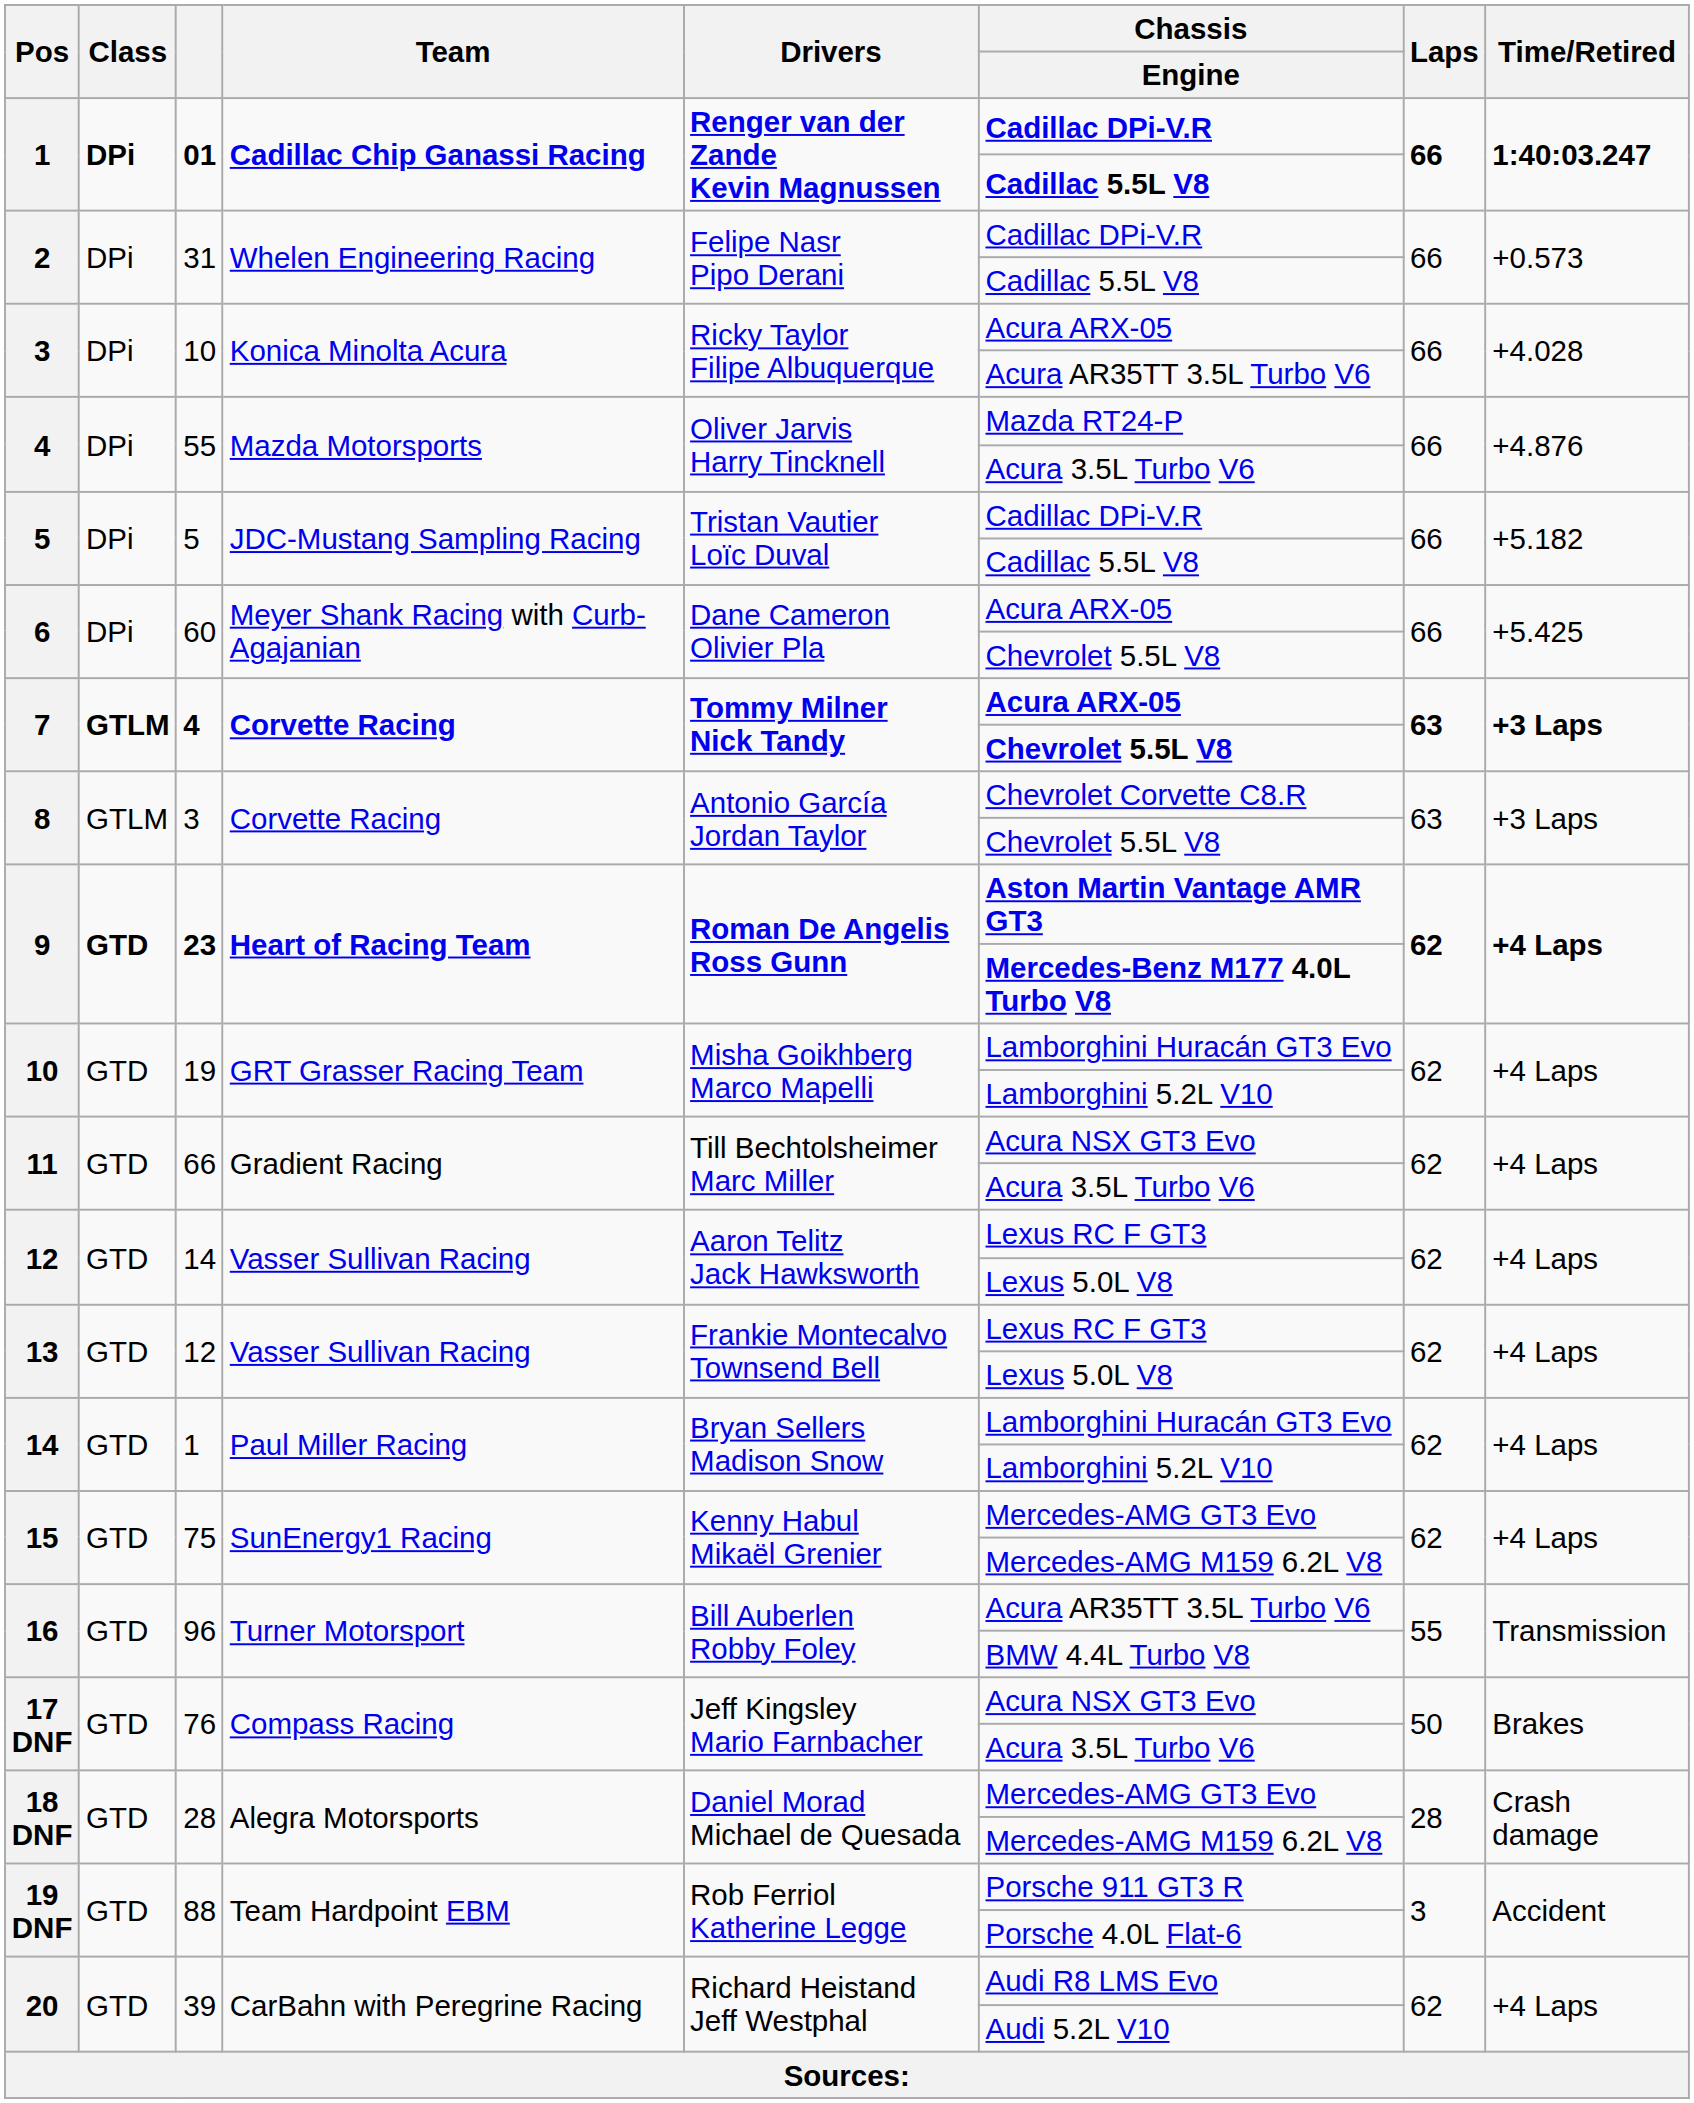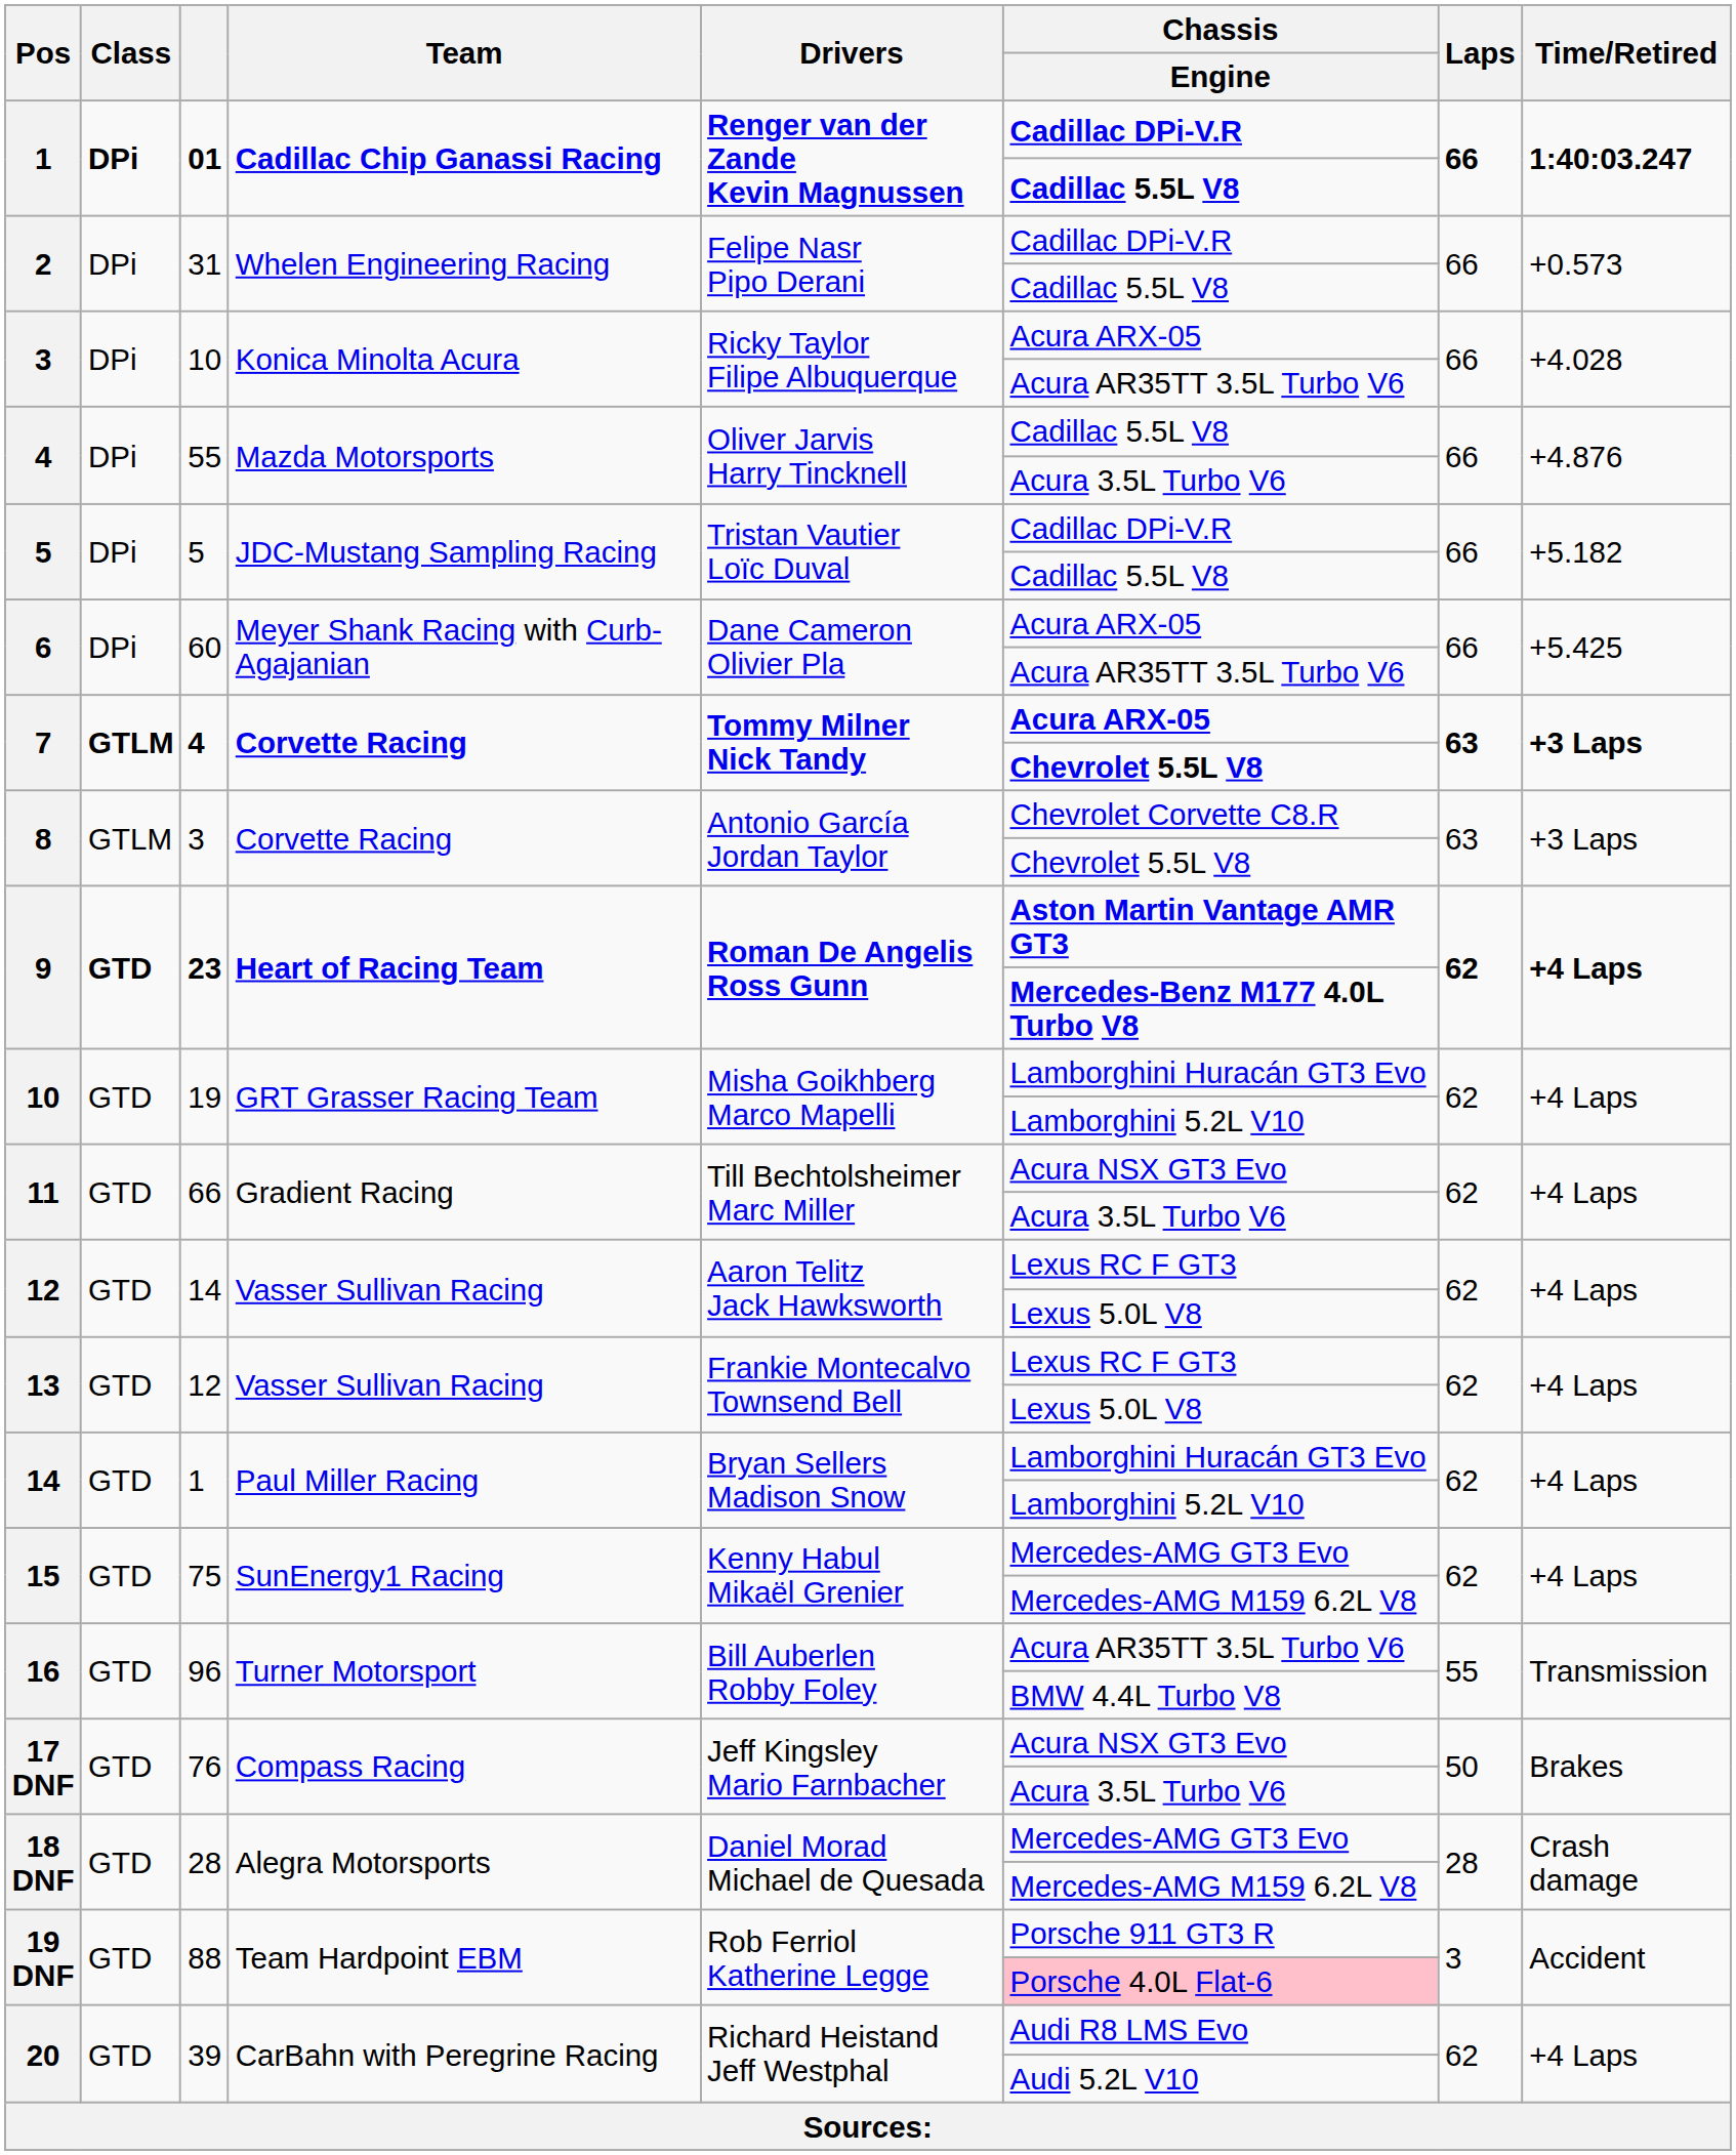 <table class="wikitable" style="font-size: 95%;">
 <tr>
 <th rowspan=2>Pos</th>
 <th rowspan=2>Class</th>
 <th rowspan=2></th>
 <th rowspan=2>Team</th>
 <th rowspan=2>Drivers</th>
 <th>Chassis</th>
 <th rowspan=2>Laps</th>
 <th rowspan=2>Time/Retired</th>
 </tr>
 <tr>
 <th>Engine</th>
 </tr>
 <tr style="font-weight:bold">
 <th rowspan=2>1</th>
 <td rowspan=2>DPi</td>
 <td rowspan=2>01</td>
 <td rowspan=2> <a href='#'>Cadillac Chip Ganassi Racing</a></td>
 <td rowspan=2> <a href='#'>Renger van der Zande</a><br> <a href='#'>Kevin Magnussen</a></td>
 <td><a href='#'>Cadillac DPi-V.R</a></td>
 <td rowspan=2>66</td>
 <td rowspan=2>1:40:03.247</td>
 </tr>
 <tr style="font-weight:bold">
 <td><a href='#'>Cadillac</a> 5.5L <a href='#'>V8</a></td>
 </tr>
 <tr>
 <th rowspan=2>2</th>
 <td rowspan=2>DPi</td>
 <td rowspan=2>31</td>
 <td rowspan=2> <a href='#'>Whelen Engineering Racing</a></td>
 <td rowspan=2> <a href='#'>Felipe Nasr</a><br> <a href='#'>Pipo Derani</a></td>
 <td><a href='#'>Cadillac DPi-V.R</a></td>
 <td rowspan=2>66</td>
 <td rowspan=2>+0.573</td>
 </tr>
 <tr>
 <td><a href='#'>Cadillac</a> 5.5L <a href='#'>V8</a></td>
 </tr>
 <tr>
 <th rowspan=2>3</th>
 <td rowspan=2>DPi</td>
 <td rowspan=2>10</td>
 <td rowspan=2> <a href='#'>Konica Minolta Acura</a></td>
 <td rowspan=2> <a href='#'>Ricky Taylor</a><br> <a href='#'>Filipe Albuquerque</a></td>
 <td><a href='#'>Acura ARX-05</a></td>
 <td rowspan=2>66</td>
 <td rowspan=2>+4.028</td>
 </tr>
 <tr>
 <td><a href='#'>Acura</a> AR35TT 3.5L <a href='#'>Turbo</a> <a href='#'>V6</a></td>
 </tr>
 <tr>
 <th rowspan=2>4</th>
 <td rowspan=2>DPi</td>
 <td rowspan=2>55</td>
 <td rowspan=2> <a href='#'>Mazda Motorsports</a></td>
 <td rowspan=2> <a href='#'>Oliver Jarvis</a><br> <a href='#'>Harry Tincknell</a></td>
-<td><a href='#'>Mazda RT24-P</a></td>
+<td><a href='#'>Cadillac</a> 5.5L <a href='#'>V8</a></td>
 <td rowspan=2>66</td>
 <td rowspan=2>+4.876</td>
 </tr>
 <tr>
 <td><a href='#'>Acura</a> 3.5L <a href='#'>Turbo</a> <a href='#'>V6</a></td>
 </tr>
 <tr>
 <th rowspan=2>5</th>
 <td rowspan=2>DPi</td>
 <td rowspan=2>5</td>
 <td rowspan=2> <a href='#'>JDC-Mustang Sampling Racing</a></td>
 <td rowspan=2> <a href='#'>Tristan Vautier</a><br> <a href='#'>Loïc Duval</a></td>
 <td><a href='#'>Cadillac DPi-V.R</a></td>
 <td rowspan=2>66</td>
 <td rowspan=2>+5.182</td>
 </tr>
 <tr>
 <td><a href='#'>Cadillac</a> 5.5L <a href='#'>V8</a></td>
 </tr>
 <tr>
 <th rowspan=2>6</th>
 <td rowspan=2>DPi</td>
 <td rowspan=2>60</td>
 <td rowspan=2> <a href='#'>Meyer Shank Racing</a> with <a href='#'>Curb-Agajanian</a></td>
 <td rowspan=2> <a href='#'>Dane Cameron</a><br> <a href='#'>Olivier Pla</a></td>
 <td><a href='#'>Acura ARX-05</a></td>
 <td rowspan=2>66</td>
 <td rowspan=2>+5.425</td>
 </tr>
 <tr>
-<td><a href='#'>Chevrolet</a> 5.5L <a href='#'>V8</a></td>
+<td><a href='#'>Acura</a> AR35TT 3.5L <a href='#'>Turbo</a> <a href='#'>V6</a></td>
 </tr>
 <tr style="font-weight:bold">
 <th rowspan=2>7</th>
 <td rowspan=2>GTLM</td>
 <td rowspan=2>4</td>
 <td rowspan=2> <a href='#'>Corvette Racing</a></td>
 <td rowspan=2> <a href='#'>Tommy Milner</a><br> <a href='#'>Nick Tandy</a></td>
 <td><a href='#'>Acura ARX-05</a></td>
 <td rowspan=2>63</td>
 <td rowspan=2>+3 Laps</td>
 </tr>
 <tr style="font-weight:bold">
 <td><a href='#'>Chevrolet</a> 5.5L <a href='#'>V8</a></td>
 </tr>
 <tr>
 <th rowspan=2>8</th>
 <td rowspan=2>GTLM</td>
 <td rowspan=2>3</td>
 <td rowspan=2> <a href='#'>Corvette Racing</a></td>
 <td rowspan=2> <a href='#'>Antonio García</a><br> <a href='#'>Jordan Taylor</a></td>
 <td><a href='#'>Chevrolet Corvette C8.R</a></td>
 <td rowspan=2>63</td>
 <td rowspan=2>+3 Laps</td>
 </tr>
 <tr>
 <td><a href='#'>Chevrolet</a> 5.5L <a href='#'>V8</a></td>
 </tr>
 <tr style="font-weight:bold">
 <th rowspan=2>9</th>
 <td rowspan=2>GTD</td>
 <td rowspan=2>23</td>
 <td rowspan=2> <a href='#'>Heart of Racing Team</a></td>
 <td rowspan=2> <a href='#'>Roman De Angelis</a><br> <a href='#'>Ross Gunn</a></td>
 <td><a href='#'>Aston Martin Vantage AMR GT3</a></td>
 <td rowspan=2>62</td>
 <td rowspan=2>+4 Laps</td>
 </tr>
 <tr style="font-weight:bold">
 <td><a href='#'>Mercedes-Benz M177</a> 4.0L <a href='#'>Turbo</a> <a href='#'>V8</a></td>
 </tr>
 <tr>
 <th rowspan=2>10</th>
 <td rowspan=2>GTD</td>
 <td rowspan=2>19</td>
 <td rowspan=2> <a href='#'>GRT Grasser Racing Team</a></td>
 <td rowspan=2> <a href='#'>Misha Goikhberg</a><br> <a href='#'>Marco Mapelli</a></td>
 <td><a href='#'>Lamborghini Huracán GT3 Evo</a></td>
 <td rowspan=2>62</td>
 <td rowspan=2>+4 Laps</td>
 </tr>
 <tr>
 <td><a href='#'>Lamborghini</a> 5.2L <a href='#'>V10</a></td>
 </tr>
 <tr>
 <th rowspan=2>11</th>
 <td rowspan=2>GTD</td>
 <td rowspan=2>66</td>
 <td rowspan=2> Gradient Racing</td>
 <td rowspan=2> Till Bechtolsheimer<br> <a href='#'>Marc Miller</a></td>
 <td><a href='#'>Acura NSX GT3 Evo</a></td>
 <td rowspan=2>62</td>
 <td rowspan=2>+4 Laps</td>
 </tr>
 <tr>
 <td><a href='#'>Acura</a> 3.5L <a href='#'>Turbo</a> <a href='#'>V6</a></td>
 </tr>
 <tr>
 <th rowspan=2>12</th>
 <td rowspan=2>GTD</td>
 <td rowspan=2>14</td>
 <td rowspan=2> <a href='#'>Vasser Sullivan Racing</a></td>
 <td rowspan=2> <a href='#'>Aaron Telitz</a><br> <a href='#'>Jack Hawksworth</a></td>
 <td><a href='#'>Lexus RC F GT3</a></td>
 <td rowspan=2>62</td>
 <td rowspan=2>+4 Laps</td>
 </tr>
 <tr>
 <td><a href='#'>Lexus</a> 5.0L <a href='#'>V8</a></td>
 </tr>
 <tr>
 <th rowspan=2>13</th>
 <td rowspan=2>GTD</td>
 <td rowspan=2>12</td>
 <td rowspan=2> <a href='#'>Vasser Sullivan Racing</a></td>
 <td rowspan=2> <a href='#'>Frankie Montecalvo</a><br> <a href='#'>Townsend Bell</a></td>
 <td><a href='#'>Lexus RC F GT3</a></td>
 <td rowspan=2>62</td>
 <td rowspan=2>+4 Laps</td>
 </tr>
 <tr>
 <td><a href='#'>Lexus</a> 5.0L <a href='#'>V8</a></td>
 </tr>
 <tr>
 <th rowspan=2>14</th>
 <td rowspan=2>GTD</td>
 <td rowspan=2>1</td>
 <td rowspan=2> <a href='#'>Paul Miller Racing</a></td>
 <td rowspan=2> <a href='#'>Bryan Sellers</a><br> <a href='#'>Madison Snow</a></td>
 <td><a href='#'>Lamborghini Huracán GT3 Evo</a></td>
 <td rowspan=2>62</td>
 <td rowspan=2>+4 Laps</td>
 </tr>
 <tr>
 <td><a href='#'>Lamborghini</a> 5.2L <a href='#'>V10</a></td>
 </tr>
 <tr>
 <th rowspan=2>15</th>
 <td rowspan=2>GTD</td>
 <td rowspan=2>75</td>
 <td rowspan=2> <a href='#'>SunEnergy1 Racing</a></td>
 <td rowspan=2> <a href='#'>Kenny Habul</a><br> <a href='#'>Mikaël Grenier</a></td>
 <td><a href='#'>Mercedes-AMG GT3 Evo</a></td>
 <td rowspan=2>62</td>
 <td rowspan=2>+4 Laps</td>
 </tr>
 <tr>
 <td><a href='#'>Mercedes-AMG M159</a> 6.2L <a href='#'>V8</a></td>
 </tr>
 <tr>
 <th rowspan=2>16</th>
 <td rowspan=2>GTD</td>
 <td rowspan=2>96</td>
 <td rowspan=2> <a href='#'>Turner Motorsport</a></td>
 <td rowspan=2> <a href='#'>Bill Auberlen</a><br> <a href='#'>Robby Foley</a></td>
 <td><a href='#'>Acura</a> AR35TT 3.5L <a href='#'>Turbo</a> <a href='#'>V6</a></td>
 <td rowspan=2>55</td>
 <td rowspan=2>Transmission</td>
 </tr>
 <tr>
 <td><a href='#'>BMW</a> 4.4L <a href='#'>Turbo</a> <a href='#'>V8</a></td>
 </tr>
 <tr>
 <th rowspan=2>17<br>DNF</th>
 <td rowspan=2>GTD</td>
 <td rowspan=2>76</td>
 <td rowspan=2> <a href='#'>Compass Racing</a></td>
 <td rowspan=2> Jeff Kingsley<br> <a href='#'>Mario Farnbacher</a></td>
 <td><a href='#'>Acura NSX GT3 Evo</a></td>
 <td rowspan=2>50</td>
 <td rowspan=2>Brakes</td>
 </tr>
 <tr>
 <td><a href='#'>Acura</a> 3.5L <a href='#'>Turbo</a> <a href='#'>V6</a></td>
 </tr>
 <tr>
 <th rowspan=2>18<br>DNF</th>
 <td rowspan=2>GTD</td>
 <td rowspan=2>28</td>
 <td rowspan=2> Alegra Motorsports</td>
 <td rowspan=2> <a href='#'>Daniel Morad</a><br> Michael de Quesada</td>
 <td><a href='#'>Mercedes-AMG GT3 Evo</a></td>
 <td rowspan=2>28</td>
 <td rowspan=2>Crash damage</td>
 </tr>
 <tr>
 <td><a href='#'>Mercedes-AMG M159</a> 6.2L <a href='#'>V8</a></td>
 </tr>
 <tr>
 <th rowspan=2>19<br>DNF</th>
 <td rowspan=2>GTD</td>
 <td rowspan=2>88</td>
 <td rowspan=2> Team Hardpoint <a href='#'>EBM</a></td>
 <td rowspan=2> Rob Ferriol<br> <a href='#'>Katherine Legge</a></td>
 <td><a href='#'>Porsche 911 GT3 R</a></td>
 <td rowspan=2>3</td>
 <td rowspan=2>Accident</td>
 </tr>
 <tr>
-<td><a href='#'>Porsche</a> 4.0L <a href='#'>Flat-6</a></td>
+<td style="background: pink;"><a href='#'>Porsche</a> 4.0L <a href='#'>Flat-6</a></td>
 </tr>
 <tr>
 <th rowspan=2>20</th>
 <td rowspan=2>GTD</td>
 <td rowspan=2>39</td>
 <td rowspan=2> CarBahn with Peregrine Racing</td>
 <td rowspan=2> Richard Heistand<br> Jeff Westphal</td>
 <td><a href='#'>Audi R8 LMS Evo</a></td>
 <td rowspan=2>62</td>
 <td rowspan=2>+4 Laps</td>
 </tr>
 <tr>
 <td><a href='#'>Audi</a> 5.2L <a href='#'>V10</a></td>
 </tr>
 <tr>
 <th colspan=8 align=center>Sources:</th>
 </tr>
 <tr>
 </tr>
 </table>
